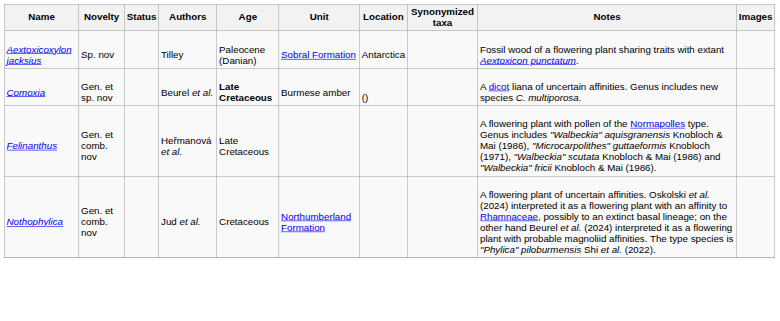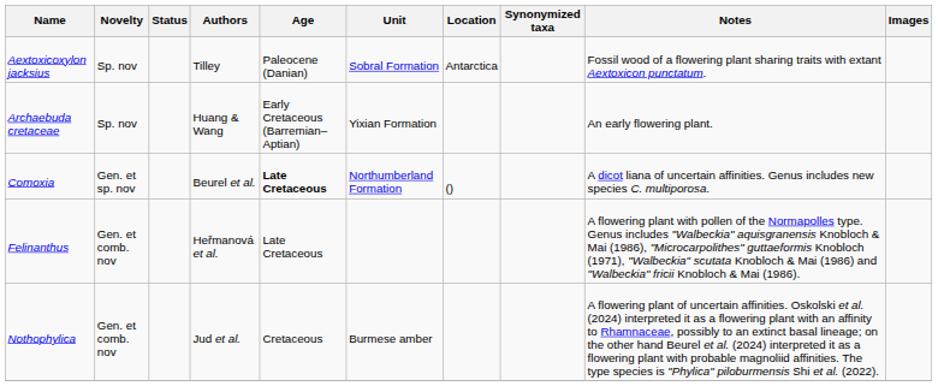 <table class="wikitable sortable" align="center" width="100%">
 <tr>
 <th>Name</th>
 <th>Novelty</th>
 <th>Status</th>
 <th>Authors</th>
 <th>Age</th>
 <th>Unit</th>
 <th>Location</th>
 <th>Synonymized taxa</th>
 <th>Notes</th>
 <th>Images</th>
 </tr>
 <tr>
 <td><br><em><a href='#'>Aextoxicoxylon jacksius</a></em></td>
 <td><br>Sp. nov</td>
 <td></td>
 <td><br>Tilley</td>
 <td><br>Paleocene (Danian)</td>
 <td><br><a href='#'>Sobral Formation</a></td>
 <td><br>Antarctica</td>
 <td></td>
 <td><br>Fossil wood of a flowering plant sharing traits with extant <em><a href='#'>Aextoxicon punctatum</a></em>.</td>
 <td></td>
 </tr>
 <tr>
+<td><br><em><a href='#'>Archaebuda cretaceae</a></em></td>
+<td><br>Sp. nov</td>
+<td></td>
+<td><br>Huang & Wang</td>
+<td><br>Early Cretaceous (Barremian–Aptian)</td>
+<td><br>Yixian Formation</td>
+<td><br></td>
+<td></td>
+<td><br>An early flowering plant.</td>
+<td></td>
+</tr>
+<tr>
 <td><br><em><a href='#'>Comoxia</a></em></td>
 <td><br>Gen. et sp. nov</td>
 <td></td>
 <td><br>Beurel <em>et al.</em></td>
 <td><strong><br>Late Cretaceous</strong></td>
-<td><br>Burmese amber</td>
+<td><br><a href='#'>Northumberland Formation</a></td>
 <td><br><br>()</td>
 <td></td>
 <td><br>A <a href='#'>dicot</a> liana of uncertain affinities. Genus includes new species <em>C. multiporosa</em>.</td>
 <td></td>
 </tr>
 <tr>
 <td><br><em><a href='#'>Felinanthus</a></em></td>
 <td><br>Gen. et comb. nov</td>
 <td></td>
 <td><br>Heřmanová <em>et al.</em></td>
 <td><br>Late Cretaceous</td>
 <td></td>
 <td><br><br> </td>
 <td></td>
 <td><br>A flowering plant with pollen of the <a href='#'>Normapolles</a> type. Genus includes <em>"Walbeckia" aquisgranensis</em> Knobloch & Mai (1986), <em>"Microcarpolithes" guttaeformis</em> Knobloch (1971), <em>"Walbeckia" scutata</em> Knobloch & Mai (1986) and <em>"Walbeckia" fricii</em> Knobloch & Mai (1986).</td>
 <td></td>
 </tr>
 <tr>
 <td><br><em><a href='#'>Nothophylica</a></em></td>
 <td><br>Gen. et comb. nov</td>
 <td></td>
 <td><br>Jud <em>et al.</em></td>
 <td><br>Cretaceous</td>
-<td><br><a href='#'>Northumberland Formation</a></td>
+<td><br>Burmese amber</td>
 <td><br></td>
 <td></td>
 <td><br>A flowering plant of uncertain affinities. Oskolski <em>et al.</em> (2024) interpreted it as a flowering plant with an affinity to <a href='#'>Rhamnaceae</a>, possibly to an extinct basal lineage; on the other hand Beurel <em>et al.</em> (2024) interpreted it as a flowering plant with probable magnoliid affinities. The type species is <em>"Phylica" piloburmensis</em> Shi <em>et al.</em> (2022).</td>
 <td></td>
 </tr>
 <tr>
 </tr>
 </table>
